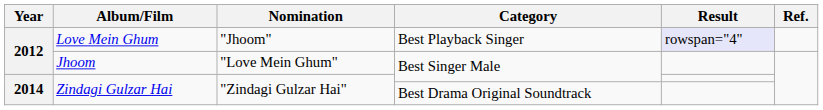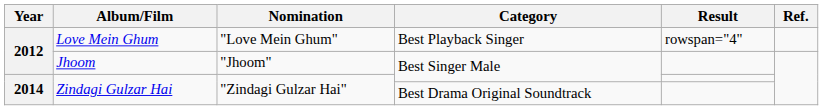 <table class="wikitable plainrowheaders" width="70%" "textcolor:#000;">
 <tr>
 <th>Year</th>
 <th>Album/Film</th>
 <th>Nomination</th>
 <th>Category</th>
 <th>Result</th>
 <th>Ref.</th>
 </tr>
 <tr>
 <th rowspan="2">2012</th>
 <td><em><a href='#'>Love Mein Ghum</a></em></td>
-<td>"Jhoom"</td>
+<td>"Love Mein Ghum"</td>
 <td>Best Playback Singer</td>
-<td style="background: lavender;">rowspan="4" </td>
+<td>rowspan="4" </td>
 <td></td>
 </tr>
 <tr>
 <td><em><a href='#'>Jhoom</a></em></td>
-<td>"Love Mein Ghum"</td>
+<td>"Jhoom"</td>
 <td rowspan="2">Best Singer Male</td>
 <td></td>
 </tr>
 <tr>
 <th rowspan="2">2014</th>
 <td rowspan="2"><em><a href='#'>Zindagi Gulzar Hai</a></em></td>
 <td rowspan="2">"Zindagi Gulzar Hai"</td>
 <td></td>
 </tr>
 <tr>
 <td>Best Drama Original Soundtrack</td>
 <td></td>
 </tr>
 </table>
